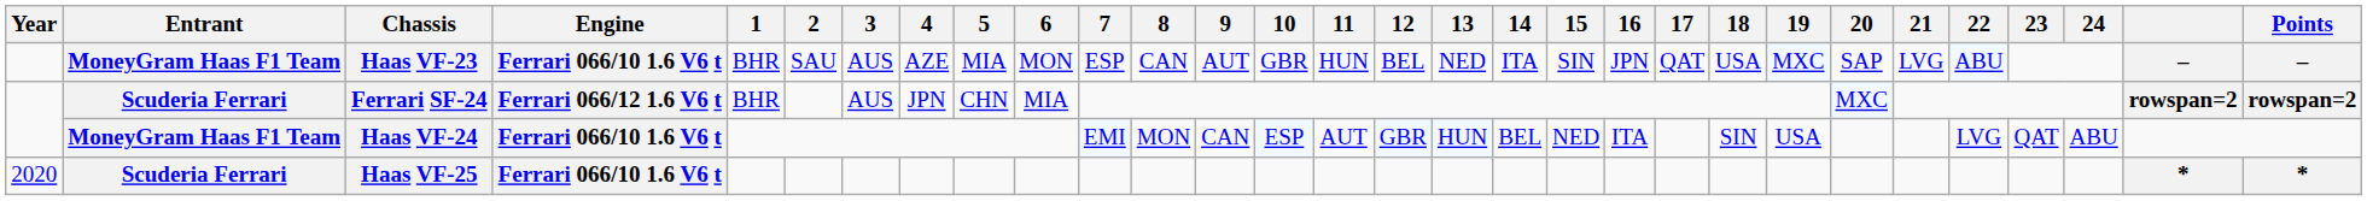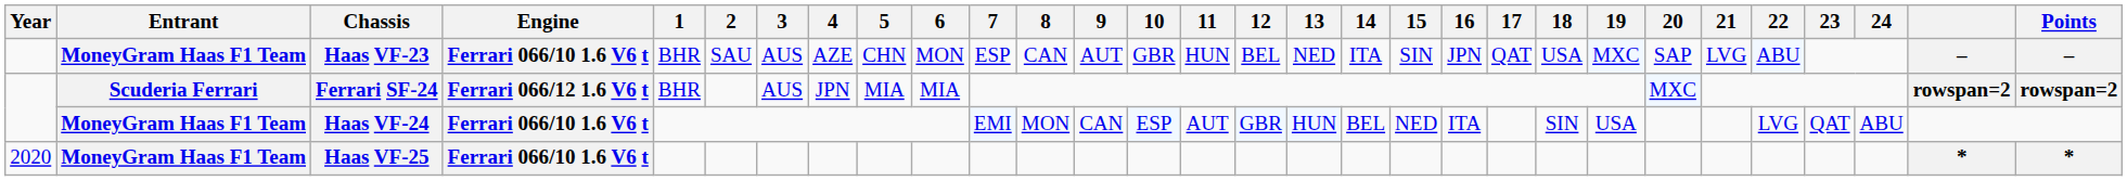 <table class="wikitable" style="text-align:center; font-size:85%">
 <tr>
 <th>Year</th>
 <th>Entrant</th>
 <th>Chassis</th>
 <th>Engine</th>
 <th>1</th>
 <th>2</th>
 <th>3</th>
 <th>4</th>
 <th>5</th>
 <th>6</th>
 <th>7</th>
 <th>8</th>
 <th>9</th>
 <th>10</th>
 <th>11</th>
 <th>12</th>
 <th>13</th>
 <th>14</th>
 <th>15</th>
 <th>16</th>
 <th>17</th>
 <th>18</th>
 <th>19</th>
 <th>20</th>
 <th>21</th>
 <th>22</th>
 <th>23</th>
 <th>24</th>
 <th></th>
 <th><a href='#'>Points</a></th>
 </tr>
 <tr>
 <td id=2023R></td>
 <th nowrap><a href='#'>MoneyGram Haas F1 Team</a></th>
 <th nowrap><a href='#'>Haas</a> <a href='#'>VF-23</a></th>
 <th nowrap><a href='#'>Ferrari</a> 066/10 1.6 <a href='#'>V6</a> <a href='#'>t</a></th>
 <td><a href='#'>BHR</a></td>
 <td><a href='#'>SAU</a></td>
 <td><a href='#'>AUS</a></td>
 <td><a href='#'>AZE</a></td>
-<td><a href='#'>MIA</a></td>
+<td><a href='#'>CHN</a></td>
 <td><a href='#'>MON</a></td>
 <td><a href='#'>ESP</a></td>
 <td><a href='#'>CAN</a></td>
 <td><a href='#'>AUT</a></td>
 <td><a href='#'>GBR</a></td>
 <td><a href='#'>HUN</a></td>
 <td><a href='#'>BEL</a></td>
 <td><a href='#'>NED</a></td>
 <td><a href='#'>ITA</a></td>
 <td><a href='#'>SIN</a></td>
 <td><a href='#'>JPN</a></td>
 <td><a href='#'>QAT</a></td>
 <td><a href='#'>USA</a></td>
 <td style="background:#F1F8FF;"><a href='#'>MXC</a><br></td>
 <td><a href='#'>SAP</a></td>
 <td><a href='#'>LVG</a></td>
 <td style="background:#F1F8FF;"><a href='#'>ABU</a><br></td>
 <td colspan=2></td>
 <th>–</th>
 <th>–</th>
 </tr>
 <tr>
 <td rowspan=2 id=2024R></td>
 <th nowrap><a href='#'>Scuderia Ferrari</a></th>
 <th nowrap><a href='#'>Ferrari</a> <a href='#'>SF-24</a></th>
 <th nowrap><a href='#'>Ferrari</a> 066/12 1.6 <a href='#'>V6</a> <a href='#'>t</a></th>
 <td><a href='#'>BHR</a></td>
 <td></td>
 <td><a href='#'>AUS</a></td>
 <td><a href='#'>JPN</a></td>
-<td><a href='#'>CHN</a></td>
+<td><a href='#'>MIA</a></td>
 <td><a href='#'>MIA</a></td>
 <td colspan=13></td>
 <td style="background:#F1F8FF;"><a href='#'>MXC</a><br></td>
 <td colspan=4></td>
 <th>rowspan=2 </th>
 <th>rowspan=2 </th>
 </tr>
 <tr>
 <th nowrap><a href='#'>MoneyGram Haas F1 Team</a></th>
 <th nowrap><a href='#'>Haas</a> <a href='#'>VF-24</a></th>
 <th nowrap><a href='#'>Ferrari</a> 066/10 1.6 <a href='#'>V6</a> <a href='#'>t</a></th>
 <td colspan=6></td>
 <td style="background:#F1F8FF;"><a href='#'>EMI</a><br></td>
 <td><a href='#'>MON</a></td>
 <td><a href='#'>CAN</a></td>
 <td style="background:#F1F8FF;"><a href='#'>ESP</a><br></td>
 <td><a href='#'>AUT</a></td>
 <td style="background:#F1F8FF;"><a href='#'>GBR</a><br></td>
 <td style="background:#F1F8FF;"><a href='#'>HUN</a><br></td>
 <td><a href='#'>BEL</a></td>
 <td><a href='#'>NED</a></td>
 <td><a href='#'>ITA</a></td>
 <td></td>
 <td><a href='#'>SIN</a></td>
 <td><a href='#'>USA</a></td>
 <td></td>
 <td></td>
 <td><a href='#'>LVG</a></td>
 <td><a href='#'>QAT</a></td>
 <td><a href='#'>ABU</a></td>
 </tr>
 <tr>
 <td id=2025R><a href='#'>2020</a></td>
-<th nowrap><a href='#'>Scuderia Ferrari</a></th>
+<th><a href='#'>MoneyGram Haas F1 Team</a></th>
 <th><a href='#'>Haas</a> <a href='#'>VF-25</a></th>
 <th><a href='#'>Ferrari</a> 066/10 1.6 <a href='#'>V6</a> <a href='#'>t</a></th>
 <td></td>
 <td></td>
 <td></td>
 <td></td>
 <td></td>
 <td></td>
 <td></td>
 <td></td>
 <td></td>
 <td></td>
 <td></td>
 <td></td>
 <td></td>
 <td></td>
 <td></td>
 <td></td>
 <td></td>
 <td></td>
 <td></td>
 <td></td>
 <td></td>
 <td></td>
 <td></td>
 <td></td>
 <th>*</th>
 <th>*</th>
 </tr>
 </table>
